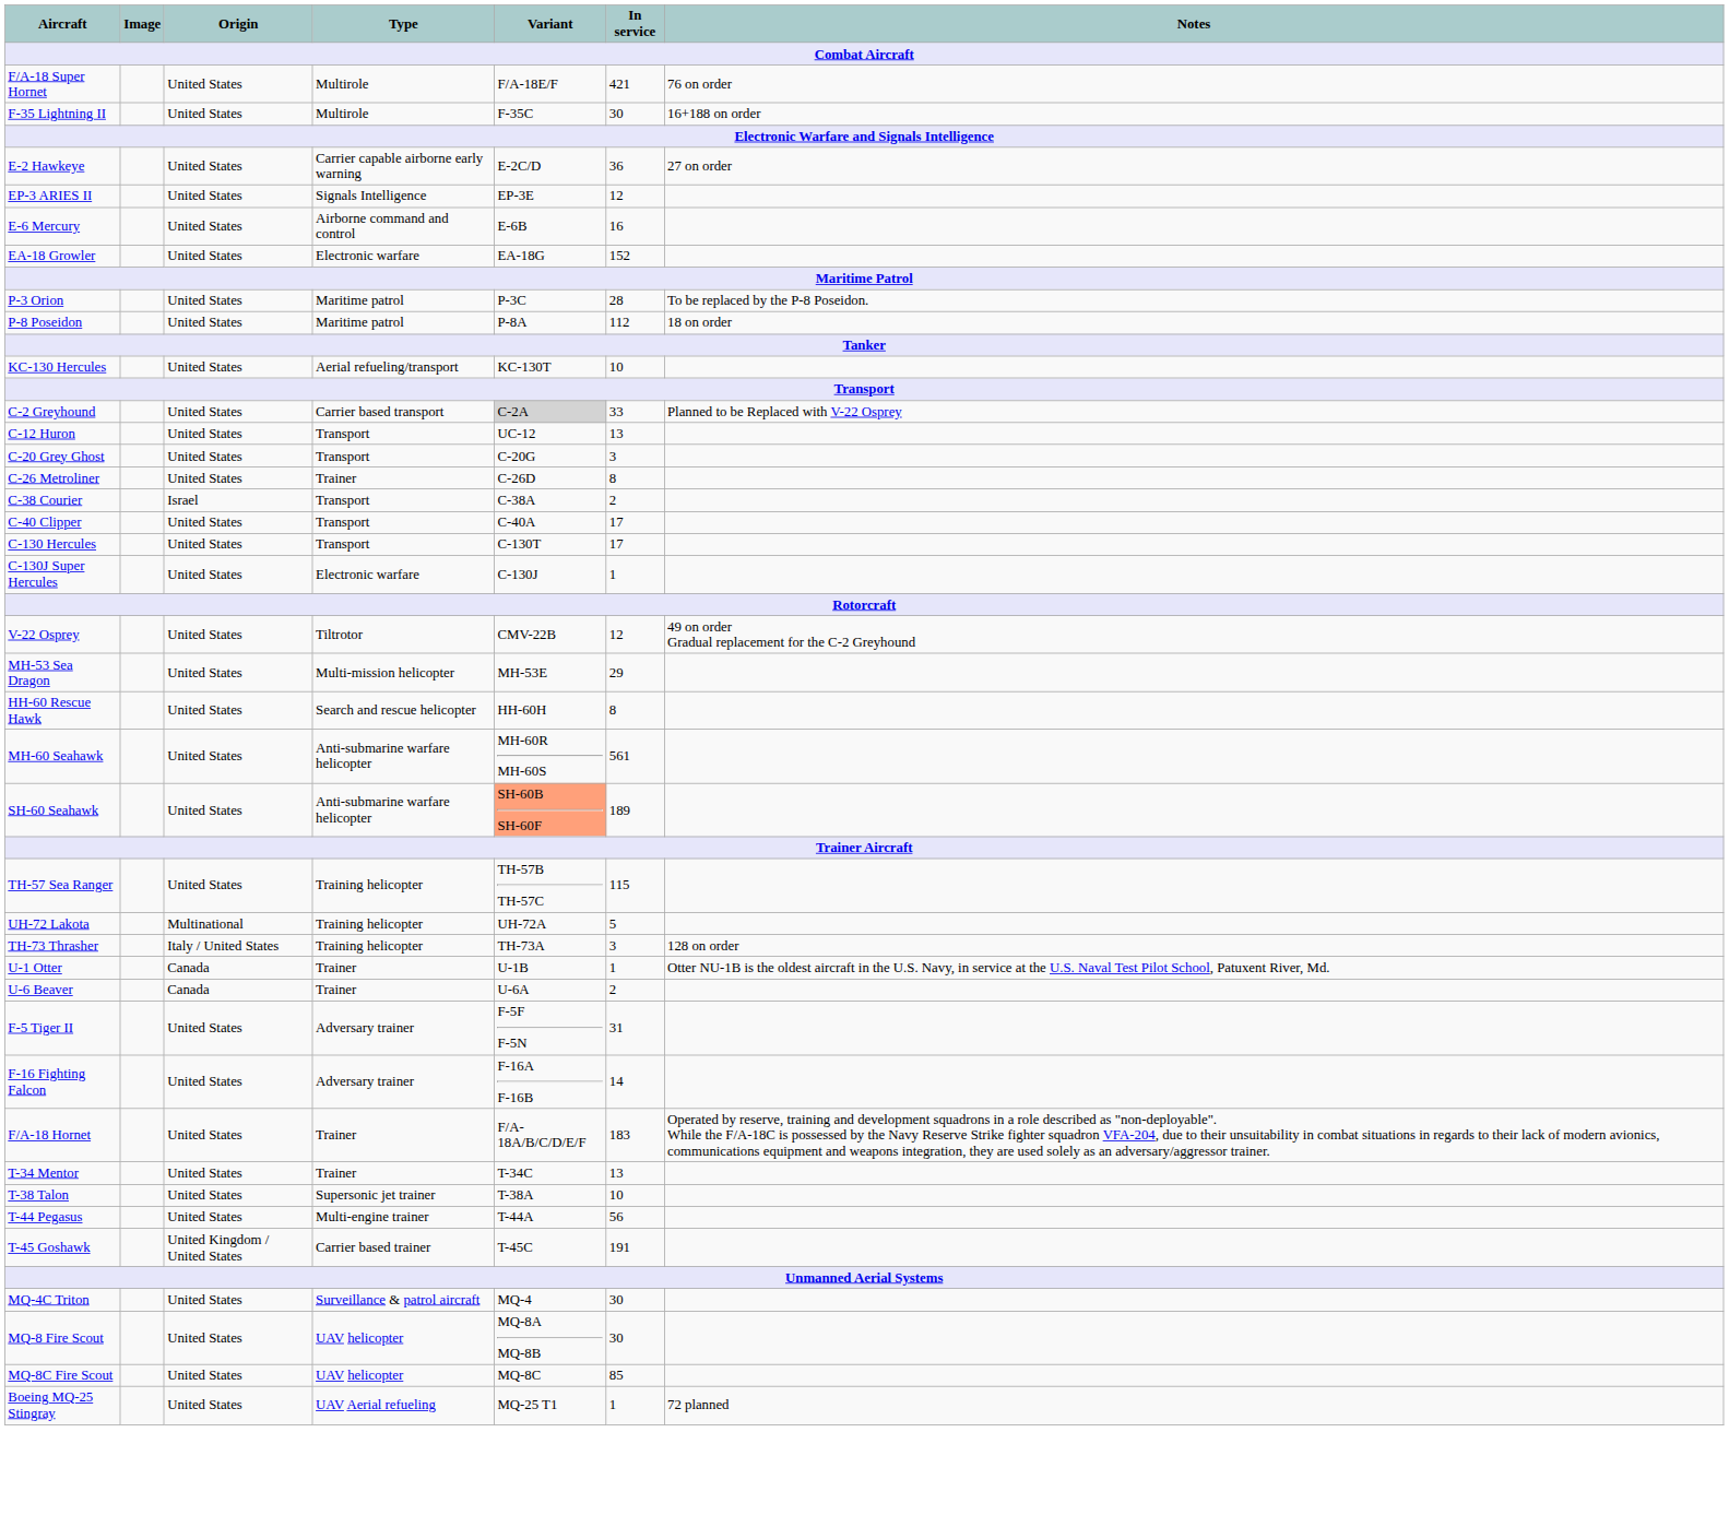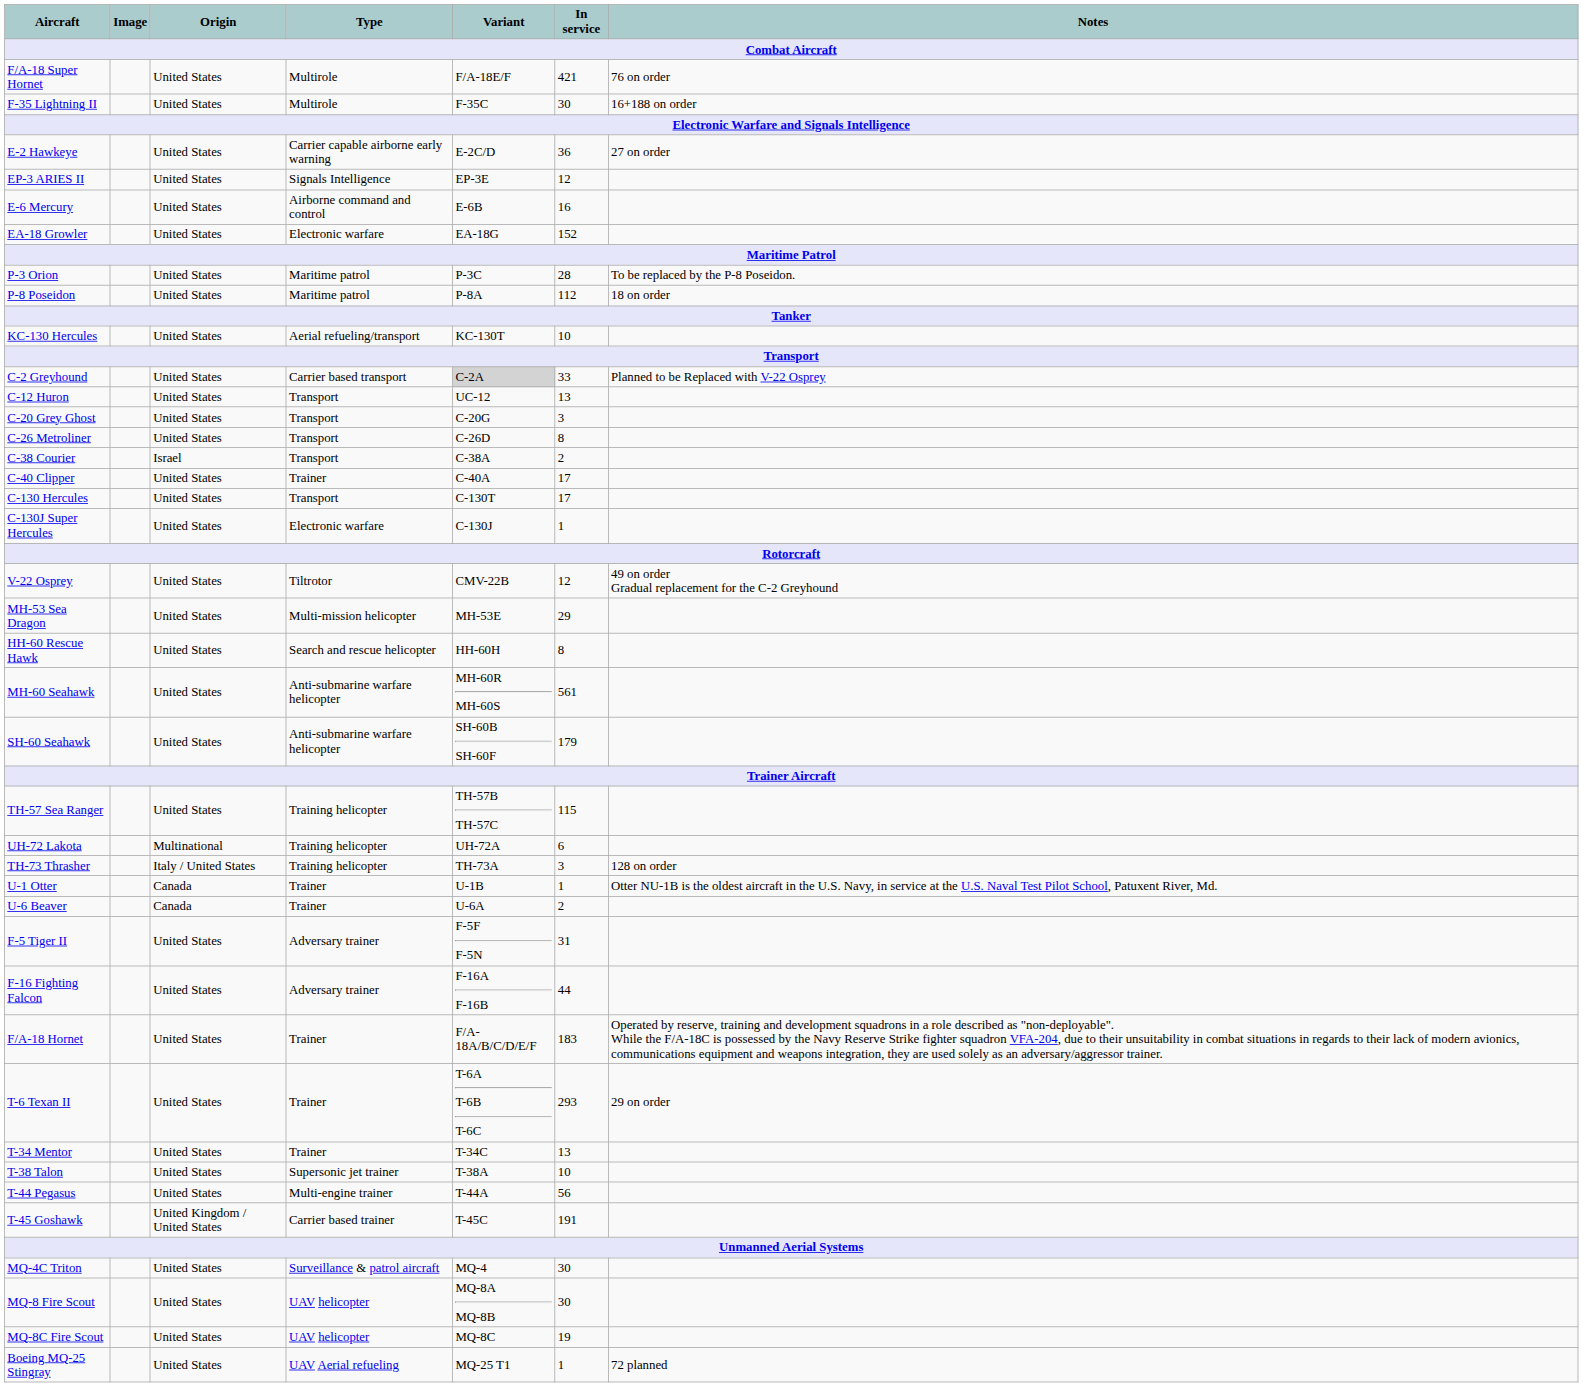 <table class="wikitable">
 <tr>
 <th style="background:#acc;">Aircraft</th>
 <th style="background:#acc;">Image</th>
 <th style="background:#acc;">Origin</th>
 <th style="background:#acc;">Type</th>
 <th style="background:#acc;">Variant</th>
 <th style="background:#acc;">In service</th>
 <th style="background:#acc;">Notes</th>
 </tr>
 <tr>
 <th colspan="7" style="align: center; background: lavender;"><a href='#'>Combat Aircraft</a></th>
 </tr>
 <tr>
 <td><a href='#'>F/A-18 Super Hornet</a></td>
 <td></td>
 <td>United States</td>
 <td>Multirole</td>
 <td>F/A-18E/F</td>
 <td>421</td>
 <td>76 on order</td>
 </tr>
 <tr>
 <td><a href='#'>F-35 Lightning II</a></td>
 <td></td>
 <td>United States</td>
 <td>Multirole</td>
 <td>F-35C</td>
 <td>30</td>
 <td>16+188 on order</td>
 </tr>
 <tr>
 <th colspan="7" style="align: center; background: lavender;"><a href='#'>Electronic Warfare and Signals Intelligence</a></th>
 </tr>
 <tr>
 <td><a href='#'>E-2 Hawkeye</a></td>
 <td></td>
 <td>United States</td>
 <td>Carrier capable airborne early warning</td>
 <td>E-2C/D</td>
 <td>36</td>
 <td>27 on order</td>
 </tr>
 <tr>
 <td><a href='#'>EP-3 ARIES II</a></td>
 <td></td>
 <td>United States</td>
 <td>Signals Intelligence</td>
 <td>EP-3E</td>
 <td>12</td>
 <td></td>
 </tr>
 <tr>
 <td><a href='#'>E-6 Mercury</a></td>
 <td></td>
 <td>United States</td>
 <td>Airborne command and control</td>
 <td>E-6B</td>
 <td>16</td>
 <td></td>
 </tr>
 <tr>
 <td><a href='#'>EA-18 Growler</a></td>
 <td></td>
 <td>United States</td>
 <td>Electronic warfare</td>
 <td>EA-18G</td>
 <td>152</td>
 <td></td>
 </tr>
 <tr>
 <th colspan="7" style="align: center; background: lavender;"><a href='#'>Maritime Patrol</a></th>
 </tr>
 <tr>
 <td><a href='#'>P-3 Orion</a></td>
 <td></td>
 <td>United States</td>
 <td>Maritime patrol</td>
 <td>P-3C</td>
 <td>28</td>
 <td>To be replaced by the P-8 Poseidon.</td>
 </tr>
 <tr>
 <td><a href='#'>P-8 Poseidon</a></td>
 <td></td>
 <td>United States</td>
 <td>Maritime patrol</td>
 <td>P-8A</td>
 <td>112</td>
 <td>18 on order</td>
 </tr>
 <tr>
 <th colspan="7" style="align: center; background: lavender;"><a href='#'>Tanker</a></th>
 </tr>
 <tr>
 <td><a href='#'>KC-130 Hercules</a></td>
 <td></td>
 <td>United States</td>
 <td>Aerial refueling/transport</td>
 <td>KC-130T</td>
 <td>10</td>
 <td></td>
 </tr>
 <tr>
 <th colspan="7" style="align: center; background: lavender;"><a href='#'>Transport</a></th>
 </tr>
 <tr>
 <td><a href='#'>C-2 Greyhound</a></td>
 <td></td>
 <td>United States</td>
 <td>Carrier based transport</td>
 <td style="background: lightgrey;">C-2A</td>
 <td>33</td>
 <td>Planned to be Replaced with <a href='#'>V-22 Osprey</a></td>
 </tr>
 <tr>
 <td><a href='#'>C-12 Huron</a></td>
 <td></td>
 <td>United States</td>
 <td>Transport</td>
 <td>UC-12</td>
 <td>13</td>
 <td></td>
 </tr>
 <tr>
 <td><a href='#'>C-20 Grey Ghost</a></td>
 <td></td>
 <td>United States</td>
 <td>Transport</td>
 <td>C-20G</td>
 <td>3</td>
 <td></td>
 </tr>
 <tr>
 <td><a href='#'>C-26 Metroliner</a></td>
 <td></td>
 <td>United States</td>
-<td>Trainer</td>
+<td>Transport</td>
 <td>C-26D</td>
 <td>8</td>
 <td></td>
 </tr>
 <tr>
 <td><a href='#'>C-38 Courier</a></td>
 <td></td>
 <td>Israel</td>
 <td>Transport</td>
 <td>C-38A</td>
 <td>2</td>
 <td></td>
 </tr>
 <tr>
 <td><a href='#'>C-40 Clipper</a></td>
 <td></td>
 <td>United States</td>
-<td>Transport</td>
+<td>Trainer</td>
 <td>C-40A</td>
 <td>17</td>
 <td></td>
 </tr>
 <tr>
 <td><a href='#'>C-130 Hercules</a></td>
 <td></td>
 <td>United States</td>
 <td>Transport</td>
 <td>C-130T</td>
 <td>17</td>
 <td></td>
 </tr>
 <tr>
 <td><a href='#'>C-130J Super Hercules</a></td>
 <td></td>
 <td>United States</td>
 <td>Electronic warfare</td>
 <td>C-130J</td>
 <td>1</td>
 <td></td>
 </tr>
 <tr>
 <th colspan="7" style="align: center; background: lavender;"><a href='#'>Rotorcraft</a></th>
 </tr>
 <tr>
 <td><a href='#'>V-22 Osprey</a></td>
 <td></td>
 <td>United States</td>
 <td>Tiltrotor</td>
 <td>CMV-22B</td>
 <td>12</td>
 <td>49 on order<br>Gradual replacement for the C-2 Greyhound</td>
 </tr>
 <tr>
 <td><a href='#'>MH-53 Sea Dragon</a></td>
 <td></td>
 <td>United States</td>
 <td>Multi-mission helicopter</td>
 <td>MH-53E</td>
 <td>29</td>
 <td></td>
 </tr>
 <tr>
 <td><a href='#'>HH-60 Rescue Hawk</a></td>
 <td></td>
 <td>United States</td>
 <td>Search and rescue helicopter</td>
 <td>HH-60H</td>
 <td>8</td>
 <td></td>
 </tr>
 <tr>
 <td><a href='#'>MH-60 Seahawk</a></td>
 <td></td>
 <td>United States</td>
 <td>Anti-submarine warfare helicopter</td>
 <td>MH-60R<hr>MH-60S</td>
 <td>561</td>
 <td></td>
 </tr>
 <tr>
 <td><a href='#'>SH-60 Seahawk</a></td>
 <td></td>
 <td>United States</td>
 <td>Anti-submarine warfare helicopter</td>
-<td style="background: lightsalmon;">SH-60B<hr>SH-60F</td>
-<td>189</td>
+<td>SH-60B<hr>SH-60F</td>
+<td>179</td>
 <td></td>
 </tr>
 <tr>
 <th colspan="7" style="align: center; background: lavender;"><a href='#'>Trainer Aircraft</a></th>
 </tr>
 <tr>
 <td><a href='#'>TH-57 Sea Ranger</a></td>
 <td></td>
 <td>United States</td>
 <td>Training helicopter</td>
 <td>TH-57B<hr>TH-57C</td>
 <td>115</td>
 <td></td>
 </tr>
 <tr>
 <td><a href='#'>UH-72 Lakota</a></td>
 <td></td>
 <td>Multinational</td>
 <td>Training helicopter</td>
 <td>UH-72A</td>
-<td>5</td>
+<td>6</td>
 <td></td>
 </tr>
 <tr>
 <td><a href='#'>TH-73 Thrasher</a></td>
 <td></td>
 <td>Italy / United States</td>
 <td>Training helicopter</td>
 <td>TH-73A</td>
 <td>3</td>
 <td>128 on order</td>
 </tr>
 <tr>
 <td><a href='#'>U-1 Otter</a></td>
 <td></td>
 <td>Canada</td>
 <td>Trainer</td>
 <td>U-1B</td>
 <td>1</td>
 <td>Otter NU-1B is the oldest aircraft in the U.S. Navy, in service at the <a href='#'>U.S. Naval Test Pilot School</a>, Patuxent River, Md.</td>
 </tr>
 <tr>
 <td><a href='#'>U-6 Beaver</a></td>
 <td></td>
 <td>Canada</td>
 <td>Trainer</td>
 <td>U-6A</td>
 <td>2</td>
 <td></td>
 </tr>
 <tr>
 <td><a href='#'>F-5 Tiger II</a></td>
 <td></td>
 <td>United States</td>
 <td>Adversary trainer</td>
 <td>F-5F<hr>F-5N</td>
 <td>31</td>
 <td></td>
 </tr>
 <tr>
 <td><a href='#'>F-16 Fighting Falcon</a></td>
 <td></td>
 <td>United States</td>
 <td>Adversary trainer</td>
 <td>F-16A<hr>F-16B</td>
-<td>14</td>
+<td>44</td>
 <td></td>
 </tr>
 <tr>
 <td><a href='#'>F/A-18 Hornet</a></td>
 <td></td>
 <td>United States</td>
 <td>Trainer</td>
 <td>F/A-18A/B/C/D/E/F</td>
 <td>183</td>
 <td>Operated by reserve, training and development squadrons in a role described as "non-deployable".<br>While the F/A-18C is possessed by the Navy Reserve Strike fighter squadron <a href='#'>VFA-204</a>, due to their unsuitability in combat situations in regards to their lack of modern avionics, communications equipment and weapons integration, they are used solely as an adversary/aggressor trainer.</td>
+</tr>
+<tr>
+<td><a href='#'>T-6 Texan II</a></td>
+<td></td>
+<td>United States</td>
+<td>Trainer</td>
+<td>T-6A<hr>T-6B<hr>T-6C</td>
+<td>293</td>
+<td>29 on order</td>
 </tr>
 <tr>
 <td><a href='#'>T-34 Mentor</a></td>
 <td></td>
 <td>United States</td>
 <td>Trainer</td>
 <td>T-34C</td>
 <td>13</td>
 <td></td>
 </tr>
 <tr>
 <td><a href='#'>T-38 Talon</a></td>
 <td></td>
 <td>United States</td>
 <td>Supersonic jet trainer</td>
 <td>T-38A</td>
 <td>10</td>
 <td></td>
 </tr>
 <tr>
 <td><a href='#'>T-44 Pegasus</a></td>
 <td></td>
 <td>United States</td>
 <td>Multi-engine trainer</td>
 <td>T-44A</td>
 <td>56</td>
 <td></td>
 </tr>
 <tr>
 <td><a href='#'>T-45 Goshawk</a></td>
 <td></td>
 <td>United Kingdom / United States</td>
 <td>Carrier based trainer</td>
 <td>T-45C</td>
 <td>191</td>
 <td></td>
 </tr>
 <tr>
 <th colspan="7" style="align: center; background: lavender;"><a href='#'>Unmanned Aerial Systems</a></th>
 </tr>
 <tr>
 <td><a href='#'>MQ-4C Triton</a></td>
 <td></td>
 <td>United States</td>
 <td><a href='#'>Surveillance</a> & <a href='#'>patrol aircraft</a></td>
 <td>MQ-4</td>
 <td>30</td>
 <td></td>
 </tr>
 <tr>
 <td><a href='#'>MQ-8 Fire Scout</a></td>
 <td></td>
 <td>United States</td>
 <td><a href='#'>UAV</a> <a href='#'>helicopter</a></td>
 <td>MQ-8A<hr>MQ-8B</td>
 <td>30</td>
 <td></td>
 </tr>
 <tr>
 <td><a href='#'>MQ-8C Fire Scout</a></td>
 <td></td>
 <td>United States</td>
 <td><a href='#'>UAV</a> <a href='#'>helicopter</a></td>
 <td>MQ-8C</td>
-<td>85</td>
+<td>19</td>
 <td></td>
 </tr>
 <tr>
 <td><a href='#'>Boeing MQ-25 Stingray</a></td>
 <td></td>
 <td>United States</td>
 <td><a href='#'>UAV</a> <a href='#'>Aerial refueling</a></td>
 <td>MQ-25 T1</td>
 <td>1</td>
 <td>72 planned</td>
 </tr>
 </table>
